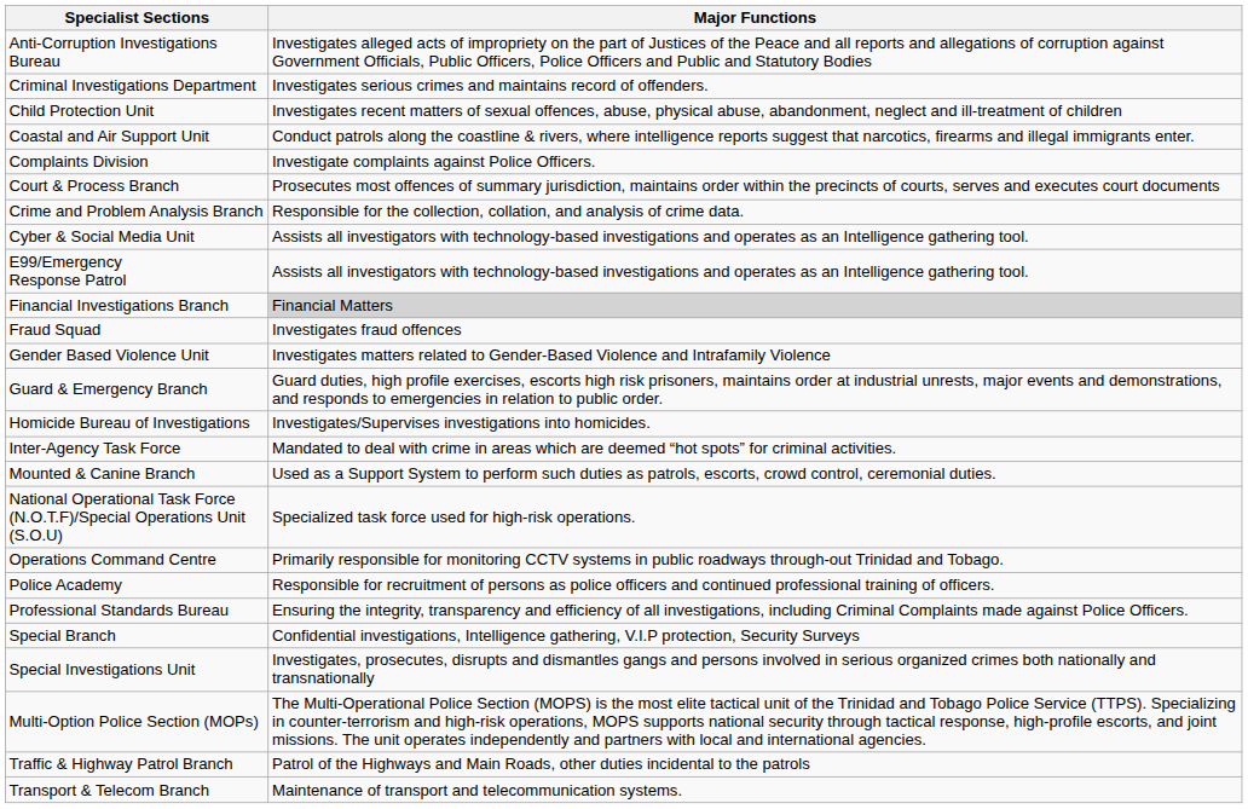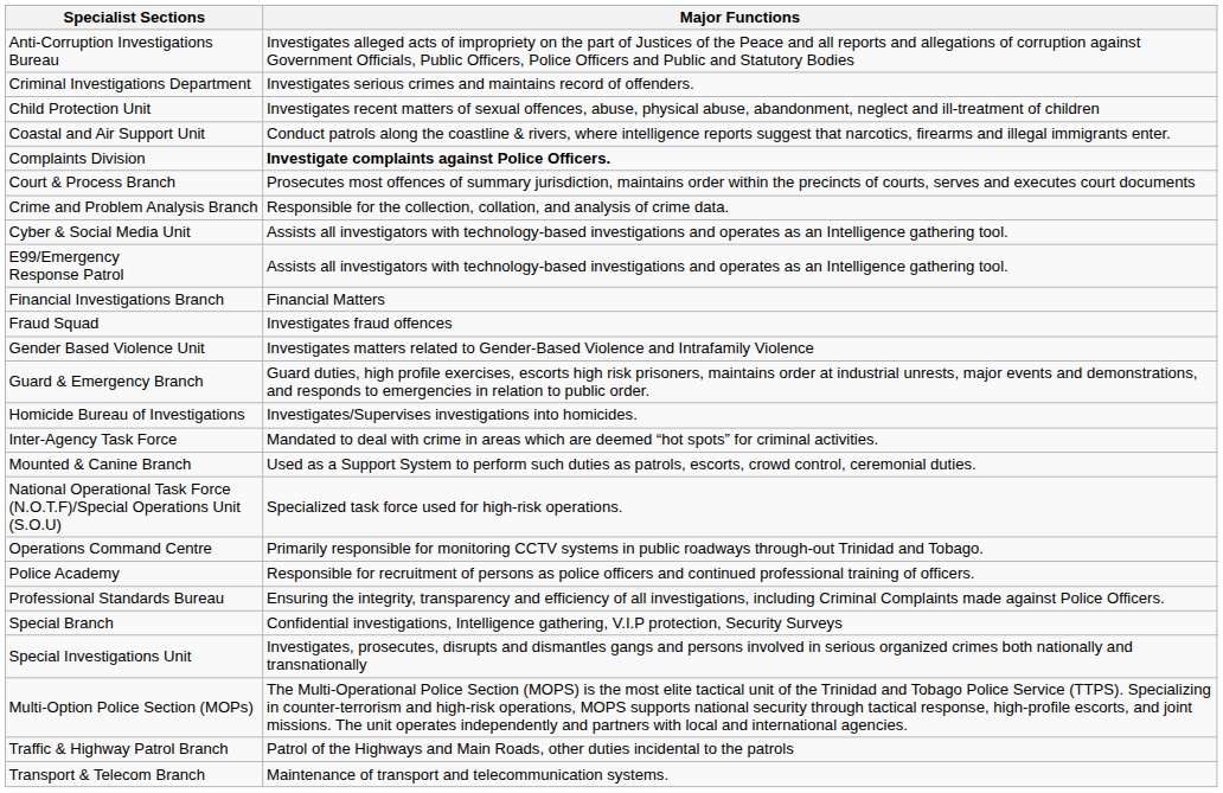 <table class="wikitable">
 <tr>
 <th>Specialist Sections</th>
 <th>Major Functions</th>
 </tr>
 <tr>
 <td>Anti-Corruption Investigations Bureau</td>
 <td>Investigates alleged acts of impropriety on the part of Justices of the Peace and all reports and allegations of corruption against Government Officials, Public Officers, Police Officers and Public and Statutory Bodies</td>
 </tr>
 <tr>
 <td>Criminal Investigations Department</td>
 <td>Investigates serious crimes and maintains record of offenders.</td>
 </tr>
 <tr>
 <td>Child Protection Unit</td>
 <td>Investigates recent matters of sexual offences, abuse, physical abuse, abandonment, neglect and ill-treatment of children</td>
 </tr>
 <tr>
 <td>Coastal and Air Support Unit</td>
 <td>Conduct patrols along the coastline & rivers, where intelligence reports suggest that narcotics, firearms and illegal immigrants enter.</td>
 </tr>
 <tr>
 <td>Complaints Division</td>
-<td>Investigate complaints against Police Officers.</td>
+<td><strong>Investigate complaints against Police Officers.</strong></td>
 </tr>
 <tr>
 <td>Court & Process Branch</td>
 <td>Prosecutes most offences of summary jurisdiction, maintains order within the precincts of courts, serves and executes court documents</td>
 </tr>
 <tr>
 <td>Crime and Problem Analysis Branch</td>
 <td>Responsible for the collection, collation, and analysis of crime data.</td>
 </tr>
 <tr>
 <td>Cyber & Social Media Unit</td>
 <td>Assists all investigators with technology-based investigations and operates as an Intelligence gathering tool.</td>
 </tr>
 <tr>
 <td>E99/Emergency<br>Response Patrol</td>
 <td>Assists all investigators with technology-based investigations and operates as an Intelligence gathering tool.</td>
 </tr>
 <tr>
 <td>Financial Investigations Branch</td>
-<td style="background: lightgrey;">Financial Matters</td>
+<td>Financial Matters</td>
 </tr>
 <tr>
 <td>Fraud Squad</td>
 <td>Investigates fraud offences</td>
 </tr>
 <tr>
 <td>Gender Based Violence Unit</td>
 <td>Investigates matters related to Gender-Based Violence and Intrafamily Violence</td>
 </tr>
 <tr>
 <td>Guard & Emergency Branch</td>
 <td>Guard duties, high profile exercises, escorts high risk prisoners, maintains order at industrial unrests, major events and demonstrations, and responds to emergencies in relation to public order.</td>
 </tr>
 <tr>
 <td>Homicide Bureau of Investigations</td>
 <td>Investigates/Supervises investigations into homicides.</td>
 </tr>
 <tr>
 <td>Inter-Agency Task Force</td>
 <td>Mandated to deal with crime in areas which are deemed “hot spots” for criminal activities.</td>
 </tr>
 <tr>
 <td>Mounted & Canine Branch</td>
 <td>Used as a Support System to perform such duties as patrols, escorts, crowd control, ceremonial duties.</td>
 </tr>
 <tr>
 <td>National Operational Task Force (N.O.T.F)/Special Operations Unit (S.O.U)</td>
 <td>Specialized task force used for high-risk operations.</td>
 </tr>
 <tr>
 <td>Operations Command Centre</td>
 <td>Primarily responsible for monitoring CCTV systems in public roadways through-out Trinidad and Tobago.</td>
 </tr>
 <tr>
 <td>Police Academy</td>
 <td>Responsible for recruitment of persons as police officers and continued professional training of officers.</td>
 </tr>
 <tr>
 <td>Professional Standards Bureau</td>
 <td>Ensuring the integrity, transparency and efficiency of all investigations, including Criminal Complaints made against Police Officers.</td>
 </tr>
 <tr>
 <td>Special Branch</td>
 <td>Confidential investigations, Intelligence gathering, V.I.P protection, Security Surveys</td>
 </tr>
 <tr>
 <td>Special Investigations Unit</td>
 <td>Investigates, prosecutes, disrupts and dismantles gangs and persons involved in serious organized crimes both nationally and transnationally</td>
 </tr>
 <tr>
 <td>Multi-Option Police Section (MOPs)</td>
 <td>The Multi-Operational Police Section (MOPS) is the most elite tactical unit of the Trinidad and Tobago Police Service (TTPS). Specializing in counter-terrorism and high-risk operations, MOPS supports national security through tactical response, high-profile escorts, and joint missions. The unit operates independently and partners with local and international agencies.</td>
 </tr>
 <tr>
 <td>Traffic & Highway Patrol Branch</td>
 <td>Patrol of the Highways and Main Roads, other duties incidental to the patrols</td>
 </tr>
 <tr>
 <td>Transport & Telecom Branch</td>
 <td>Maintenance of transport and telecommunication systems.</td>
 </tr>
 </table>
